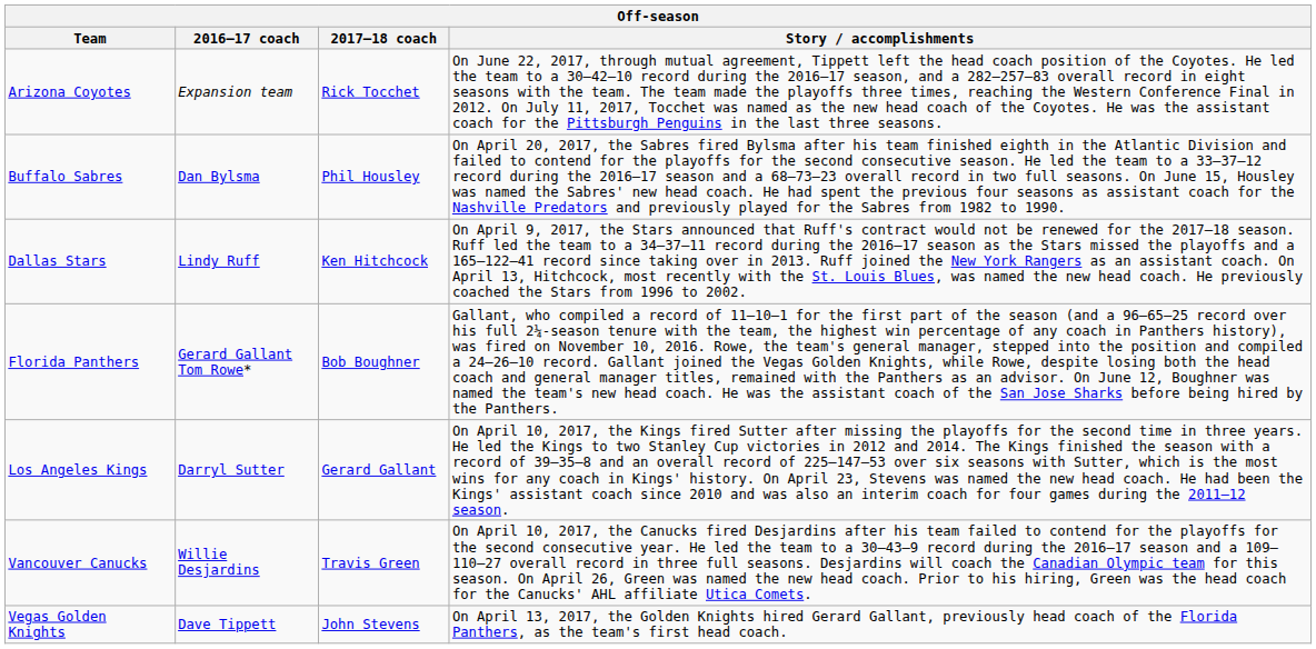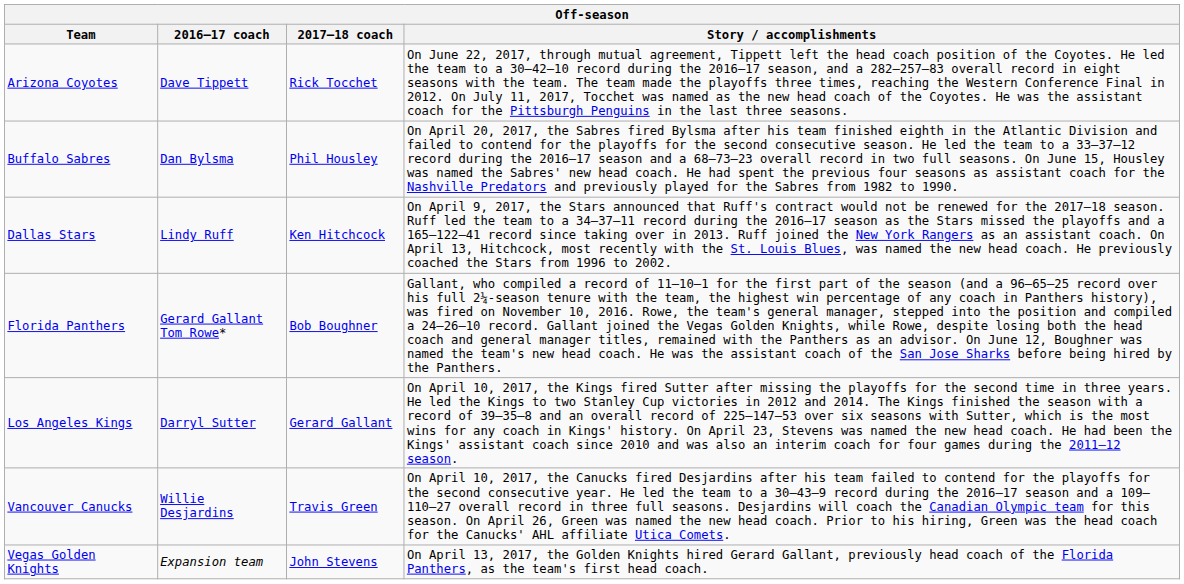 <table class="wikitable">
 <tr>
 <th colspan="5">Off-season</th>
 </tr>
 <tr>
 <th style="width:13%;">Team</th>
 <th style="width:11%;">2016–17 coach</th>
 <th style="width:10%;">2017–18 coach</th>
 <th>Story / accomplishments</th>
 </tr>
 <tr>
 <td><a href='#'>Arizona Coyotes</a></td>
-<td><em>Expansion team</em></td>
+<td><a href='#'>Dave Tippett</a></td>
 <td><a href='#'>Rick Tocchet</a></td>
 <td>On June 22, 2017, through mutual agreement, Tippett left the head coach position of the Coyotes. He led the team to a 30–42–10 record during the 2016–17 season, and a 282–257–83 overall record in eight seasons with the team. The team made the playoffs three times, reaching the Western Conference Final in 2012. On July 11, 2017, Tocchet was named as the new head coach of the Coyotes. He was the assistant coach for the <a href='#'>Pittsburgh Penguins</a> in the last three seasons.</td>
 </tr>
 <tr>
 <td><a href='#'>Buffalo Sabres</a></td>
 <td><a href='#'>Dan Bylsma</a></td>
 <td><a href='#'>Phil Housley</a></td>
 <td>On April 20, 2017, the Sabres fired Bylsma after his team finished eighth in the Atlantic Division and failed to contend for the playoffs for the second consecutive season. He led the team to a 33–37–12 record during the 2016–17 season and a 68–73–23 overall record in two full seasons. On June 15, Housley was named the Sabres' new head coach. He had spent the previous four seasons as assistant coach for the <a href='#'>Nashville Predators</a> and previously played for the Sabres from 1982 to 1990.</td>
 </tr>
 <tr>
 <td><a href='#'>Dallas Stars</a></td>
 <td><a href='#'>Lindy Ruff</a></td>
 <td><a href='#'>Ken Hitchcock</a></td>
 <td>On April 9, 2017, the Stars announced that Ruff's contract would not be renewed for the 2017–18 season. Ruff led the team to a 34–37–11 record during the 2016–17 season as the Stars missed the playoffs and a 165–122–41 record since taking over in 2013. Ruff joined the <a href='#'>New York Rangers</a> as an assistant coach. On April 13, Hitchcock, most recently with the <a href='#'>St. Louis Blues</a>, was named the new head coach. He previously coached the Stars from 1996 to 2002.</td>
 </tr>
 <tr>
 <td><a href='#'>Florida Panthers</a></td>
 <td><a href='#'>Gerard Gallant</a><br><a href='#'>Tom Rowe</a>*</td>
 <td><a href='#'>Bob Boughner</a></td>
 <td>Gallant, who compiled a record of 11–10–1 for the first part of the season (and a 96–65–25 record over his full 2¼-season tenure with the team, the highest win percentage of any coach in Panthers history), was fired on November 10, 2016. Rowe, the team's general manager, stepped into the position and compiled a 24–26–10 record. Gallant joined the Vegas Golden Knights, while Rowe, despite losing both the head coach and general manager titles, remained with the Panthers as an advisor. On June 12, Boughner was named the team's new head coach. He was the assistant coach of the <a href='#'>San Jose Sharks</a> before being hired by the Panthers.</td>
 </tr>
 <tr>
 <td><a href='#'>Los Angeles Kings</a></td>
 <td><a href='#'>Darryl Sutter</a></td>
 <td><a href='#'>Gerard Gallant</a></td>
 <td>On April 10, 2017, the Kings fired Sutter after missing the playoffs for the second time in three years. He led the Kings to two Stanley Cup victories in 2012 and 2014. The Kings finished the season with a record of 39–35–8 and an overall record of 225–147–53 over six seasons with Sutter, which is the most wins for any coach in Kings' history. On April 23, Stevens was named the new head coach. He had been the Kings' assistant coach since 2010 and was also an interim coach for four games during the <a href='#'>2011–12 season</a>.</td>
 </tr>
 <tr>
 <td><a href='#'>Vancouver Canucks</a></td>
 <td><a href='#'>Willie Desjardins</a></td>
 <td><a href='#'>Travis Green</a></td>
 <td>On April 10, 2017, the Canucks fired Desjardins after his team failed to contend for the playoffs for the second consecutive year. He led the team to a 30–43–9 record during the 2016–17 season and a 109–110–27 overall record in three full seasons. Desjardins will coach the <a href='#'>Canadian Olympic team</a> for this season. On April 26, Green was named the new head coach. Prior to his hiring, Green was the head coach for the Canucks' AHL affiliate <a href='#'>Utica Comets</a>.</td>
 </tr>
 <tr>
 <td><a href='#'>Vegas Golden Knights</a></td>
-<td><a href='#'>Dave Tippett</a></td>
+<td><em>Expansion team</em></td>
 <td><a href='#'>John Stevens</a></td>
 <td>On April 13, 2017, the Golden Knights hired Gerard Gallant, previously head coach of the <a href='#'>Florida Panthers</a>, as the team's first head coach.<br></td>
 </tr>
 </table>
